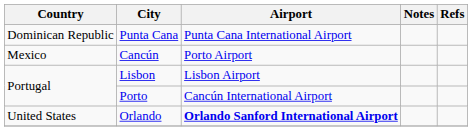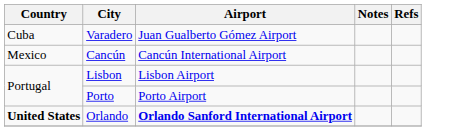 <table class="sortable wikitable">
 <tr>
 <th>Country</th>
 <th>City</th>
 <th>Airport</th>
 <th>Notes</th>
 <th class="unsortable">Refs</th>
 </tr>
 <tr>
-<td>Dominican Republic</td>
-<td><a href='#'>Punta Cana</a></td>
-<td><a href='#'>Punta Cana International Airport</a></td>
+<td>Cuba</td>
+<td><a href='#'>Varadero</a></td>
+<td><a href='#'>Juan Gualberto Gómez Airport</a></td>
 <td></td>
 <td align=center></td>
 </tr>
 <tr>
 <td>Mexico</td>
 <td><a href='#'>Cancún</a></td>
-<td><a href='#'>Porto Airport</a></td>
+<td><a href='#'>Cancún International Airport</a></td>
 <td></td>
 <td></td>
 </tr>
 <tr>
 <td rowspan=2>Portugal</td>
 <td><a href='#'>Lisbon</a></td>
 <td><a href='#'>Lisbon Airport</a></td>
 <td></td>
 <td></td>
 </tr>
 <tr>
 <td><a href='#'>Porto</a></td>
-<td><a href='#'>Cancún International Airport</a></td>
+<td><a href='#'>Porto Airport</a></td>
 <td></td>
 <td align=center></td>
 </tr>
 <tr>
-<td>United States</td>
+<td><strong>United States</strong></td>
 <td><a href='#'>Orlando</a></td>
 <td><strong><a href='#'>Orlando Sanford International Airport</a></strong></td>
 <td></td>
 <td align=center></td>
 </tr>
 <tr>
 </tr>
 </table>
